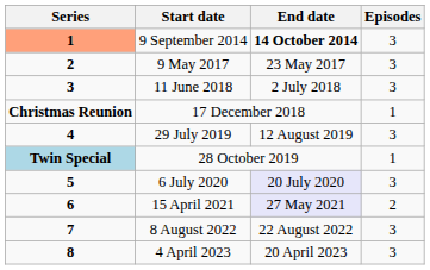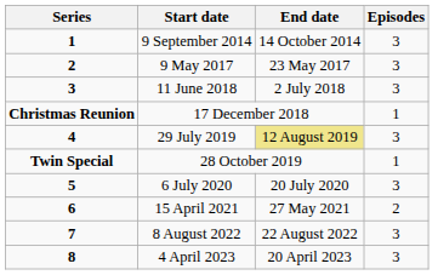 <table class="wikitable" style="text-align:center;">
 <tr>
 <th>Series</th>
 <th>Start date</th>
 <th>End date</th>
 <th>Episodes</th>
 </tr>
 <tr>
-<td style="background: lightsalmon;"><strong>1</strong></td>
+<td><strong>1</strong></td>
 <td>9 September 2014</td>
-<td><strong>14 October 2014</strong></td>
+<td>14 October 2014</td>
 <td>3</td>
 </tr>
 <tr>
 <td><strong>2</strong></td>
 <td>9 May 2017</td>
 <td>23 May 2017</td>
 <td>3</td>
 </tr>
 <tr>
 <td><strong>3</strong></td>
 <td>11 June 2018</td>
 <td>2 July 2018</td>
 <td>3</td>
 </tr>
 <tr>
 <td><strong>Christmas Reunion</strong></td>
 <td colspan="2">17 December 2018</td>
 <td>1</td>
 </tr>
 <tr>
 <td><strong>4</strong></td>
 <td>29 July 2019</td>
-<td>12 August 2019</td>
+<td style="background: khaki;">12 August 2019</td>
 <td>3</td>
 </tr>
 <tr>
-<td style="background: lightblue;"><strong>Twin Special</strong></td>
+<td><strong>Twin Special</strong></td>
 <td colspan="2">28 October 2019</td>
 <td>1</td>
 </tr>
 <tr>
 <td><strong>5</strong></td>
 <td>6 July 2020</td>
-<td style="background: lavender;">20 July 2020</td>
+<td>20 July 2020</td>
 <td>3</td>
 </tr>
 <tr>
 <td><strong>6</strong></td>
 <td>15 April 2021</td>
-<td style="background: lavender;">27 May 2021</td>
+<td>27 May 2021</td>
 <td>2</td>
 </tr>
 <tr>
 <td><strong>7</strong></td>
 <td>8 August 2022</td>
 <td>22 August 2022</td>
 <td>3</td>
 </tr>
 <tr>
 <td><strong>8</strong></td>
 <td>4 April 2023</td>
 <td>20 April 2023</td>
 <td>3</td>
 </tr>
 </table>
